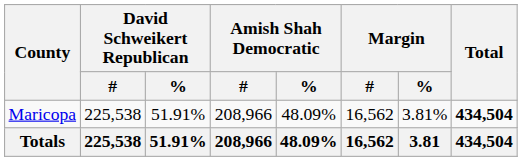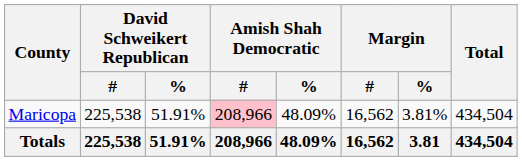 <table class="wikitable sortable" width="60%">
 <tr>
 <th rowspan="2">County</th>
 <th colspan="2">David Schweikert<br>Republican</th>
 <th colspan="2">Amish Shah<br>Democratic</th>
 <th colspan="2">Margin</th>
 <th rowspan="2">Total</th>
 </tr>
 <tr>
 <th data-sort-type="number" style="text-align:center;">#</th>
 <th data-sort-type="number" style="text-align:center;">%</th>
 <th data-sort-type="number" style="text-align:center;">#</th>
 <th data-sort-type="number" style="text-align:center;">%</th>
 <th data-sort-type="number" style="text-align:center;">#</th>
 <th data-sort-type="number" style="text-align:center;">%</th>
 </tr>
 <tr style="text-align:center;">
 <td><a href='#'>Maricopa</a></td>
 <td>225,538</td>
 <td>51.91%</td>
-<td>208,966</td>
+<td style="background: pink;">208,966</td>
 <td>48.09%</td>
 <td>16,562</td>
 <td>3.81%</td>
-<td><strong>434,504</strong></td>
+<td>434,504</td>
 </tr>
 <tr>
 <th>Totals</th>
 <th>225,538</th>
 <th>51.91%</th>
 <th>208,966</th>
 <th>48.09%</th>
 <th>16,562</th>
 <th>3.81</th>
 <th>434,504</th>
 </tr>
 </table>
